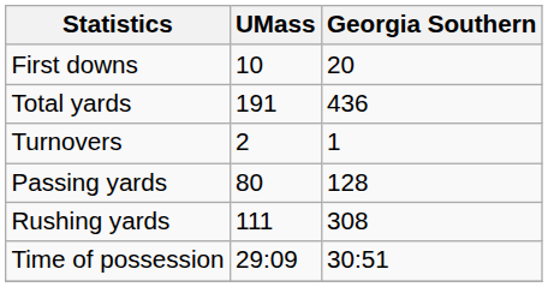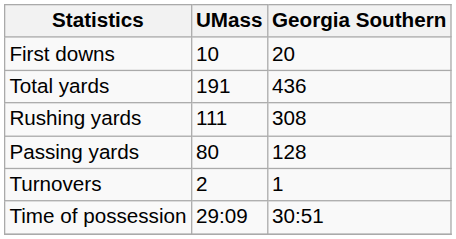 <table class="wikitable">
 <tr>
 <th>Statistics</th>
 <th>UMass</th>
 <th>Georgia Southern</th>
 </tr>
 <tr>
 <td>First downs</td>
 <td>10</td>
 <td>20</td>
 </tr>
 <tr>
 <td>Total yards</td>
 <td>191</td>
 <td>436</td>
 </tr>
 <tr>
-<td>Turnovers</td>
-<td>2</td>
-<td>1</td>
+<td>Rushing yards</td>
+<td>111</td>
+<td>308</td>
 </tr>
 <tr>
 <td>Passing yards</td>
 <td>80</td>
 <td>128</td>
 </tr>
 <tr>
-<td>Rushing yards</td>
-<td>111</td>
-<td>308</td>
+<td>Turnovers</td>
+<td>2</td>
+<td>1</td>
 </tr>
 <tr>
 <td>Time of possession</td>
 <td>29:09</td>
 <td>30:51</td>
 </tr>
 <tr>
 </tr>
 </table>
